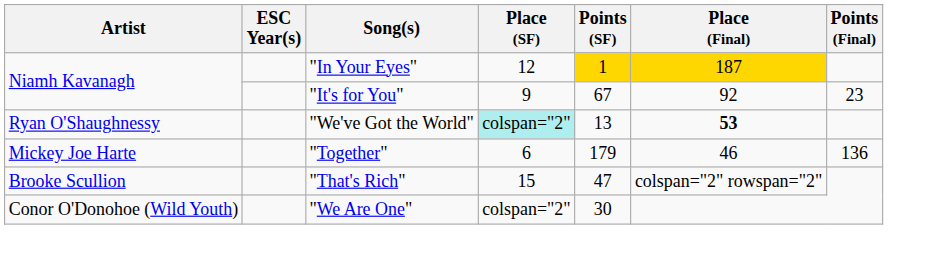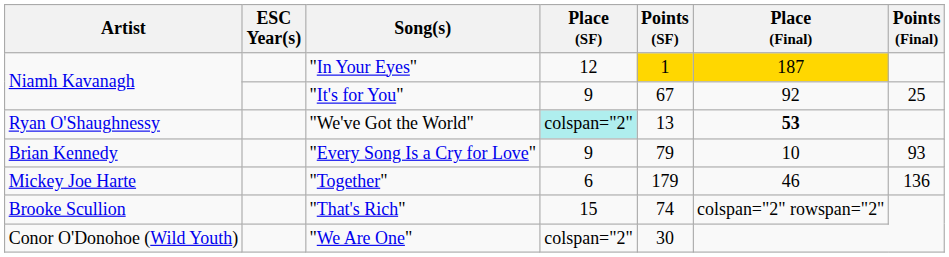 <table class="wikitable mw-collapsible">
 <tr>
 <th>Artist</th>
 <th>ESC<br>Year(s)</th>
 <th>Song(s)</th>
 <th>Place<br><small>(SF)</small></th>
 <th>Points<br><small>(SF)</small></th>
 <th>Place<br><small>(Final)</small></th>
 <th>Points<br><small>(Final)</small></th>
 </tr>
 <tr>
 <td rowspan="2"><a href='#'>Niamh Kavanagh</a></td>
 <td align="center"></td>
 <td>"<a href='#'>In Your Eyes</a>"</td>
 <td align="center">12</td>
 <td align="center" bgcolor="gold">1</td>
 <td align="center" bgcolor="gold">187</td>
 </tr>
 <tr>
 <td align="center"></td>
 <td>"<a href='#'>It's for You</a>"</td>
 <td align="center">9</td>
 <td align="center">67</td>
 <td align="center">92</td>
-<td align="center">23</td>
+<td align="center">25</td>
 </tr>
 <tr>
 <td><a href='#'>Ryan O'Shaughnessy</a></td>
 <td align="center"></td>
 <td>"We've Got the World"</td>
 <td style="background: paleturquoise;">colspan="2" </td>
 <td align="center">13</td>
 <td align="center"><strong>53</strong></td>
+</tr>
+<tr>
+<td><a href='#'>Brian Kennedy</a></td>
+<td align="center"></td>
+<td>"<a href='#'>Every Song Is a Cry for Love</a>"</td>
+<td align="center">9</td>
+<td align="center">79</td>
+<td align="center">10</td>
+<td align="center">93</td>
 </tr>
 <tr>
 <td><a href='#'>Mickey Joe Harte</a></td>
 <td align="center"></td>
 <td>"<a href='#'>Together</a>"</td>
 <td align="center">6</td>
 <td align="center">179</td>
 <td align="center">46</td>
 <td align="center">136</td>
 </tr>
 <tr>
 <td><a href='#'>Brooke Scullion</a></td>
 <td align="center"></td>
 <td>"<a href='#'>That's Rich</a>"</td>
 <td align="center">15</td>
-<td align="center">47</td>
+<td align="center">74</td>
 <td>colspan="2" rowspan="2" </td>
 </tr>
 <tr>
 <td>Conor O'Donohoe (<a href='#'>Wild Youth</a>)</td>
 <td align="center"></td>
 <td>"<a href='#'>We Are One</a>"</td>
 <td>colspan="2" </td>
 <td align="center">30</td>
 </tr>
 </table>
